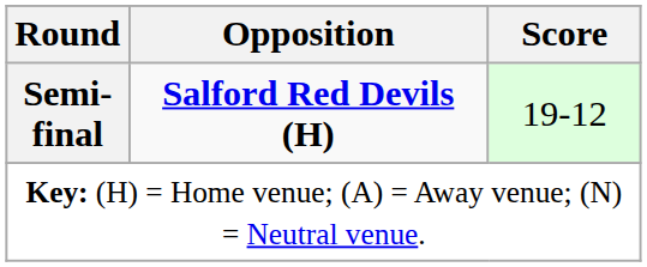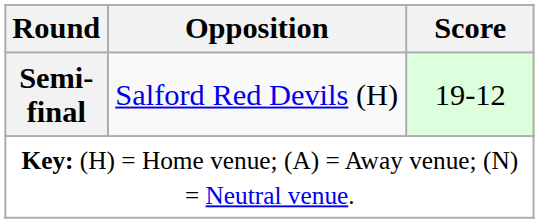 <table class="wikitable plainrowheaders" style="text-align:center;margin-left:1em;">
 <tr>
 <th width="25">Round</th>
 <th width="150">Opposition</th>
 <th width="60">Score</th>
 </tr>
 <tr>
 <th scope=row style="text-align:center">Semi-final</th>
-<td><strong> <a href='#'>Salford Red Devils</a> (H)</strong></td>
+<td> <a href='#'>Salford Red Devils</a> (H)</td>
 <td bgcolor=DDFFDD>19-12</td>
 </tr>
 <tr>
 <td colspan="3" style="background-color:white;"><small><strong>Key:</strong> (H) = Home venue; (A) = Away venue; (N) = <a href='#'>Neutral venue</a>.</small></td>
 </tr>
 </table>
